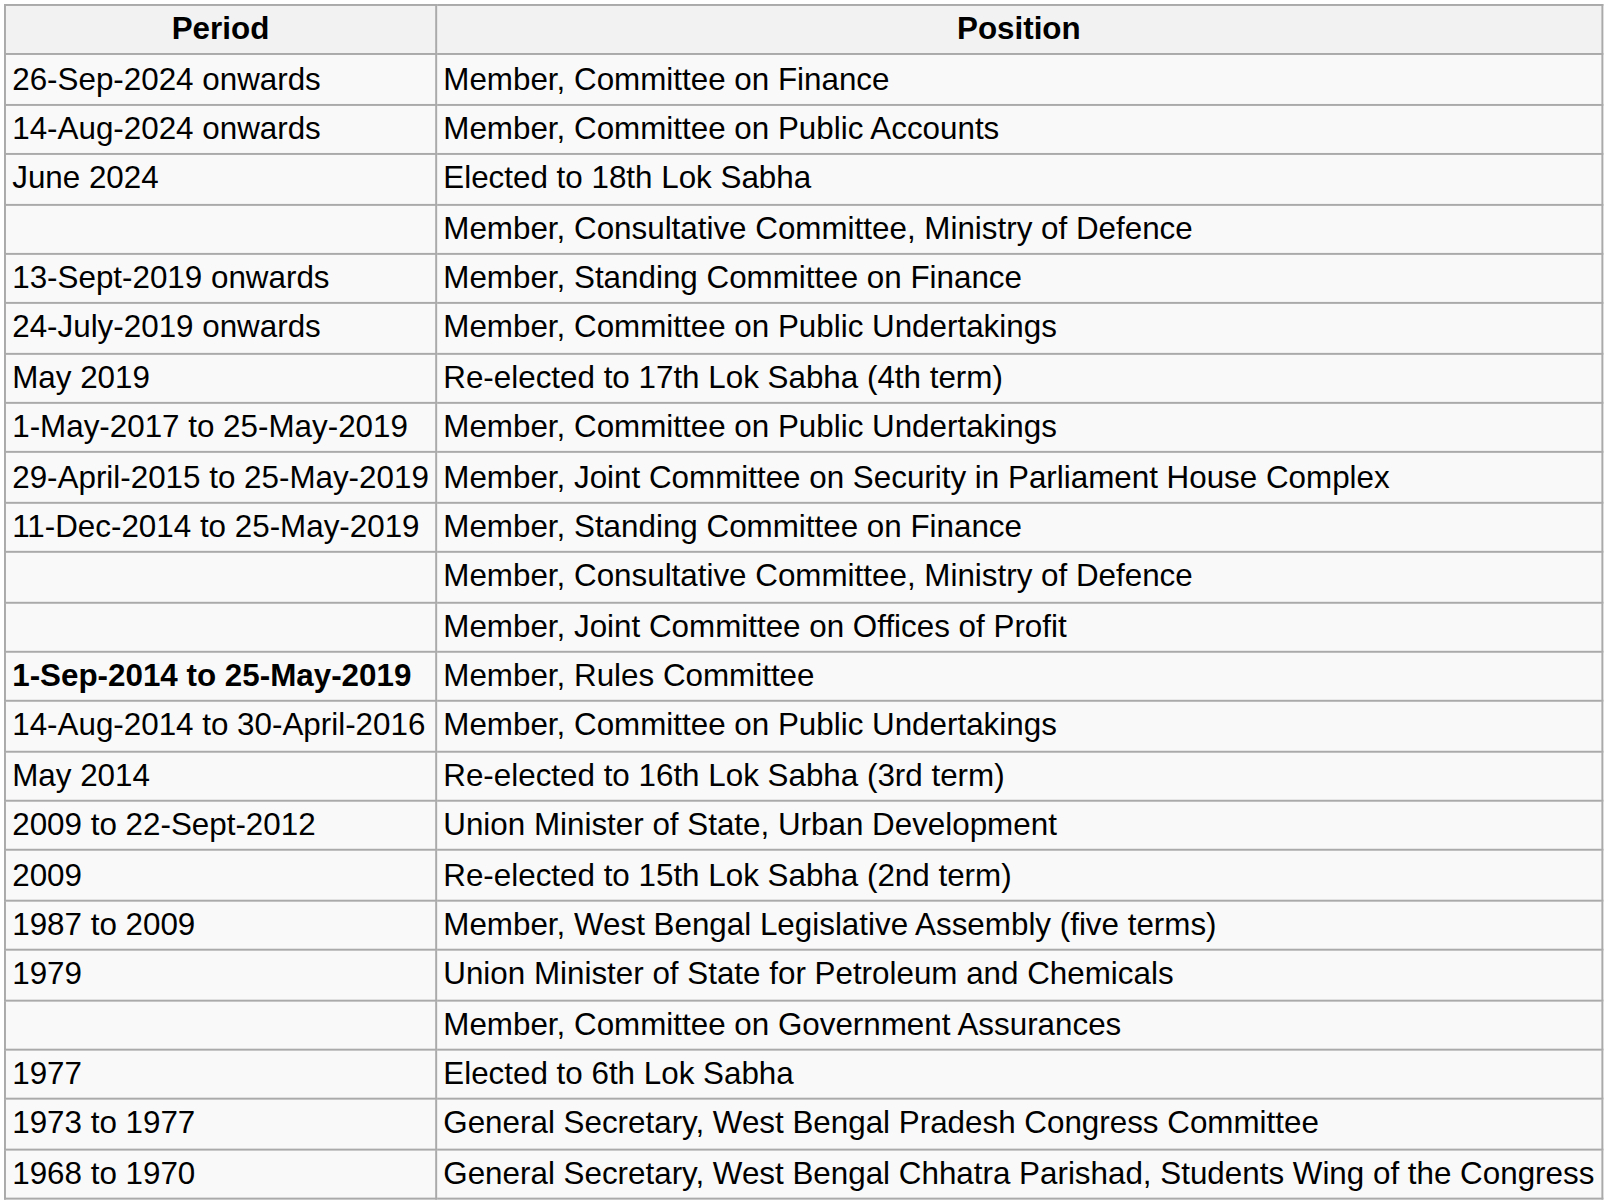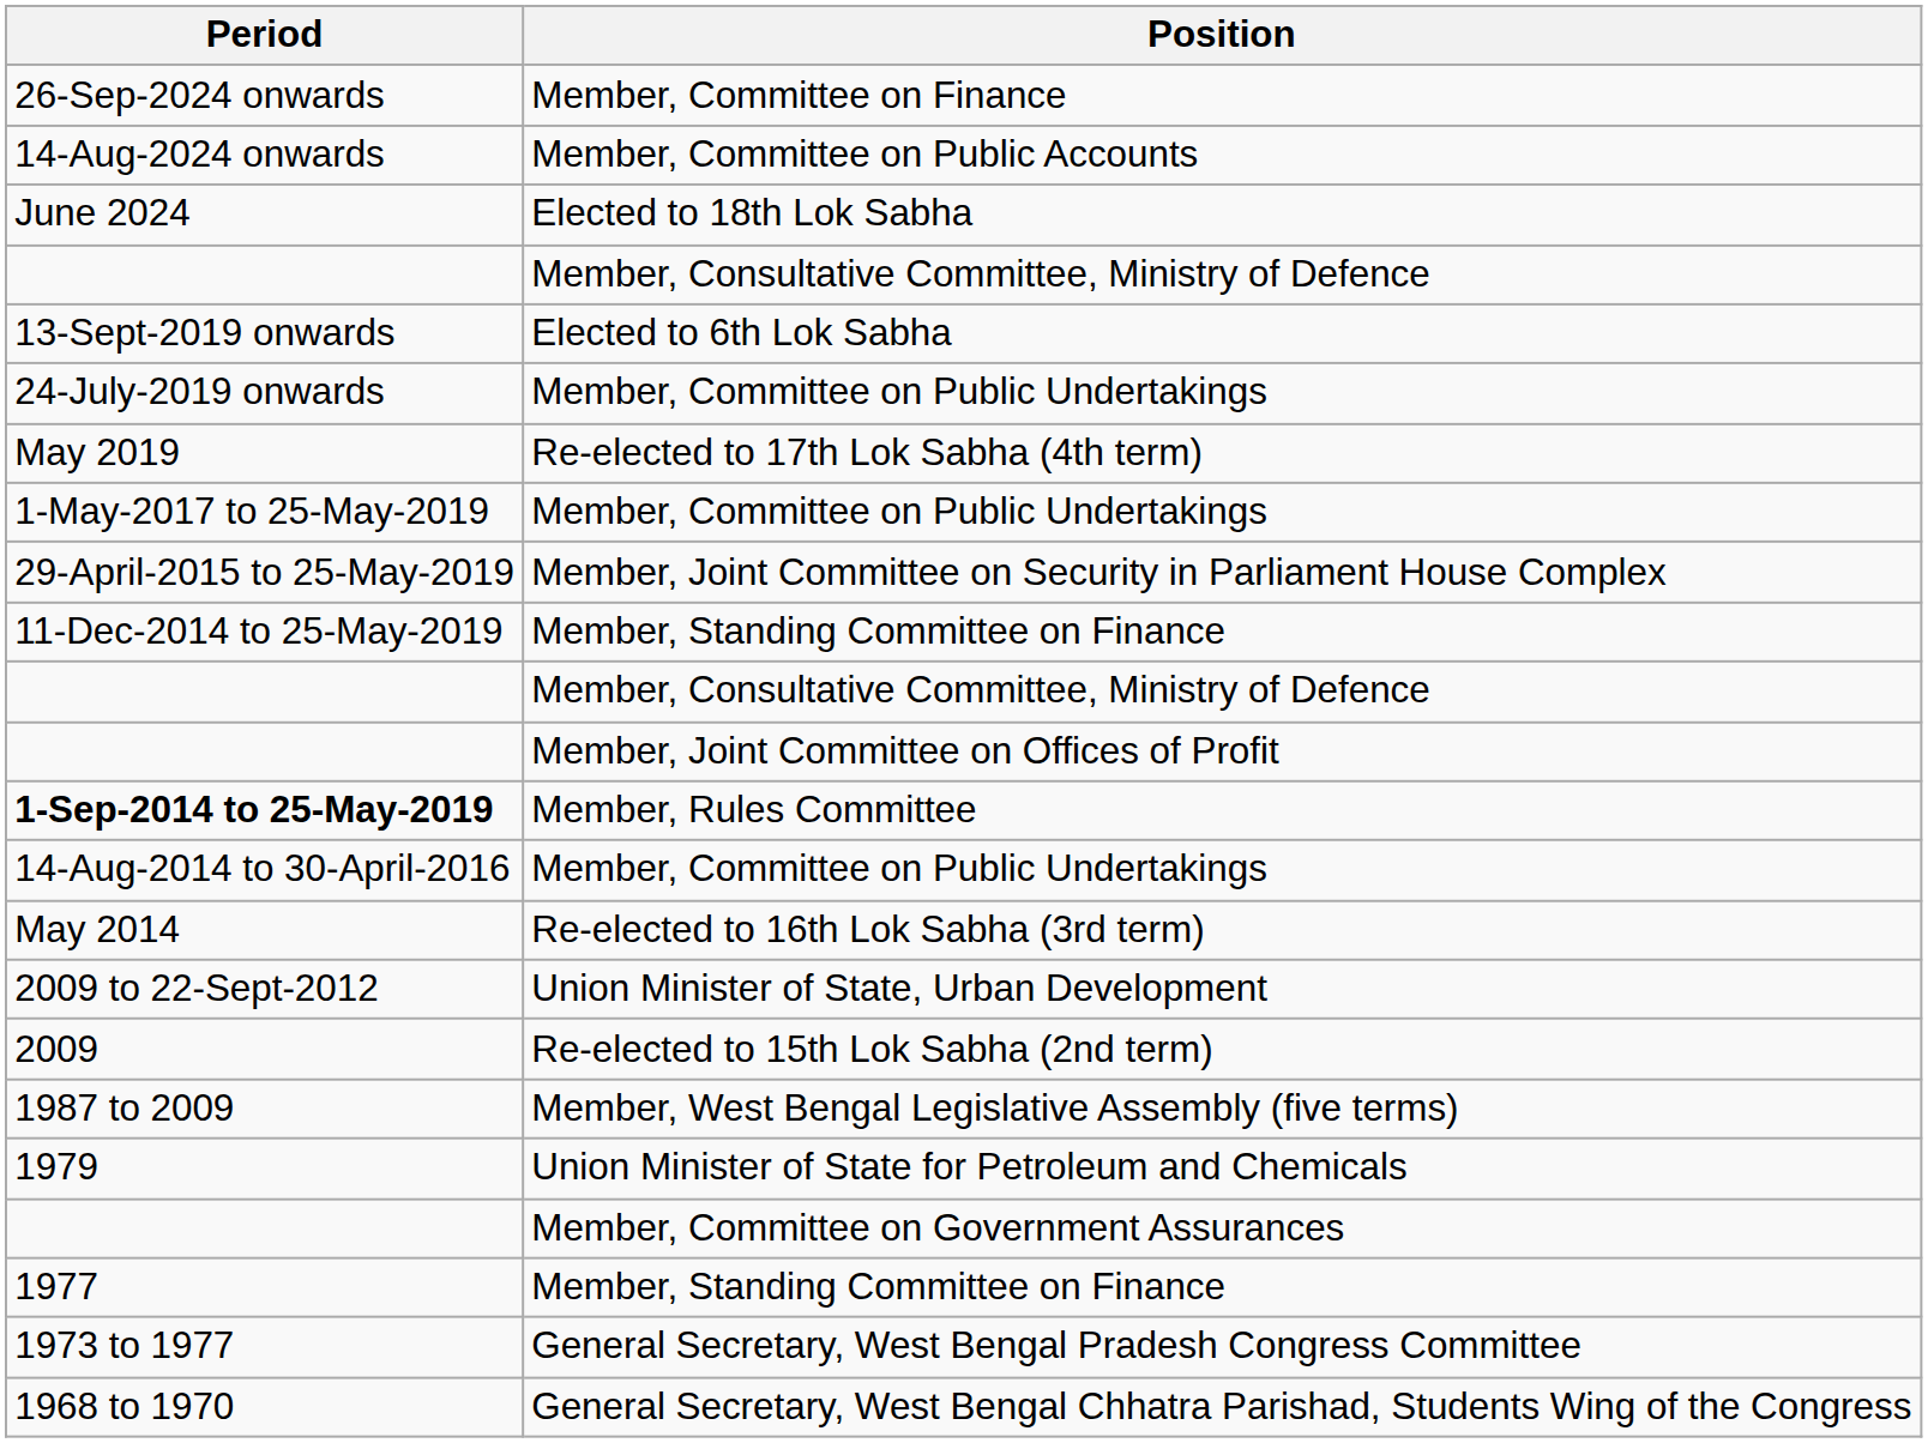 <table class="wikitable">
 <tr>
 <th>Period</th>
 <th>Position</th>
 </tr>
 <tr>
 <td>26-Sep-2024 onwards</td>
 <td>Member, Committee on Finance</td>
 </tr>
 <tr>
 <td>14-Aug-2024 onwards</td>
 <td>Member, Committee on Public Accounts</td>
 </tr>
 <tr>
 <td>June 2024</td>
 <td>Elected to 18th Lok Sabha</td>
 </tr>
 <tr>
 <td></td>
 <td>Member, Consultative Committee, Ministry of Defence</td>
 </tr>
 <tr>
 <td>13-Sept-2019 onwards</td>
-<td>Member, Standing Committee on Finance</td>
+<td>Elected to 6th Lok Sabha</td>
 </tr>
 <tr>
 <td>24-July-2019 onwards</td>
 <td>Member, Committee on Public Undertakings</td>
 </tr>
 <tr>
 <td>May 2019</td>
 <td>Re-elected to 17th Lok Sabha (4th term)</td>
 </tr>
 <tr>
 <td>1-May-2017 to 25-May-2019</td>
 <td>Member, Committee on Public Undertakings</td>
 </tr>
 <tr>
 <td>29-April-2015 to 25-May-2019</td>
 <td>Member, Joint Committee on Security in Parliament House Complex</td>
 </tr>
 <tr>
 <td>11-Dec-2014 to 25-May-2019</td>
 <td>Member, Standing Committee on Finance</td>
 </tr>
 <tr>
 <td></td>
 <td>Member, Consultative Committee, Ministry of Defence</td>
 </tr>
 <tr>
 <td></td>
 <td>Member, Joint Committee on Offices of Profit</td>
 </tr>
 <tr>
 <td><strong>1-Sep-2014 to 25-May-2019</strong></td>
 <td>Member, Rules Committee</td>
 </tr>
 <tr>
 <td>14-Aug-2014 to 30-April-2016</td>
 <td>Member, Committee on Public Undertakings</td>
 </tr>
 <tr>
 <td>May 2014</td>
 <td>Re-elected to 16th Lok Sabha (3rd term)</td>
 </tr>
 <tr>
 <td>2009 to 22-Sept-2012</td>
 <td>Union Minister of State, Urban Development</td>
 </tr>
 <tr>
 <td>2009</td>
 <td>Re-elected to 15th Lok Sabha (2nd term)</td>
 </tr>
 <tr>
 <td>1987 to 2009</td>
 <td>Member, West Bengal Legislative Assembly (five terms)</td>
 </tr>
 <tr>
 <td>1979</td>
 <td>Union Minister of State for Petroleum and Chemicals</td>
 </tr>
 <tr>
 <td></td>
 <td>Member, Committee on Government Assurances</td>
 </tr>
 <tr>
 <td>1977</td>
-<td>Elected to 6th Lok Sabha</td>
+<td>Member, Standing Committee on Finance</td>
 </tr>
 <tr>
 <td>1973 to 1977</td>
 <td>General Secretary, West Bengal Pradesh Congress Committee</td>
 </tr>
 <tr>
 <td>1968 to 1970</td>
 <td>General Secretary, West Bengal Chhatra Parishad, Students Wing of the Congress</td>
 </tr>
 </table>
